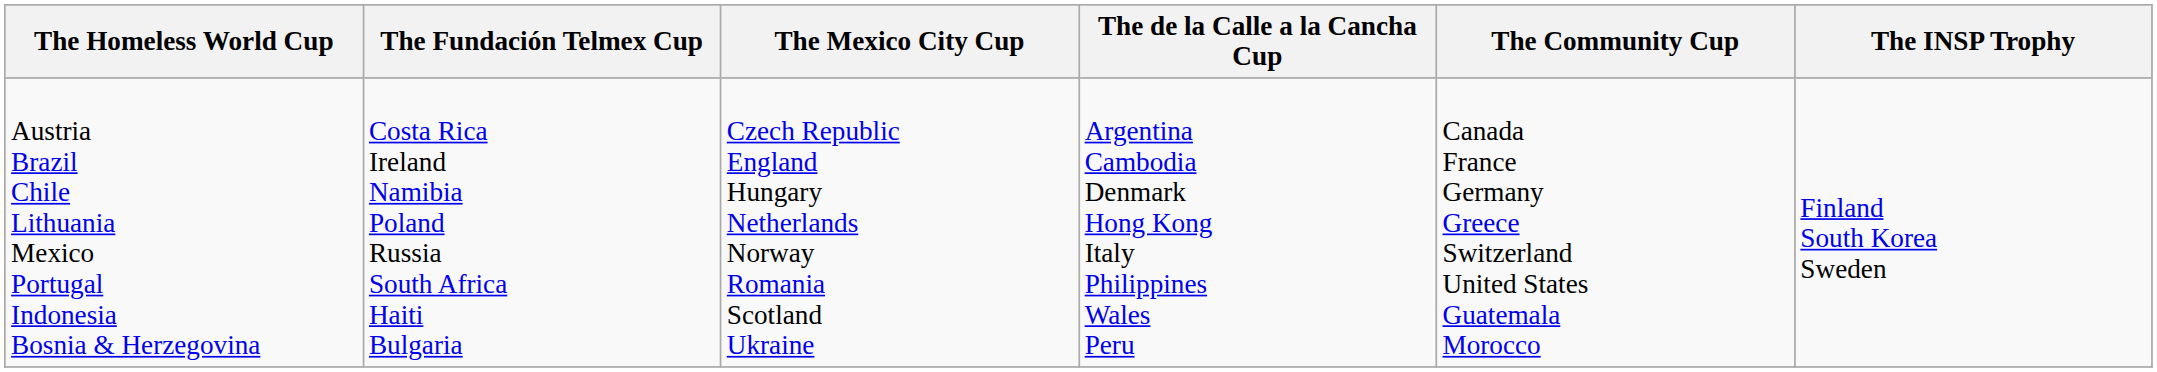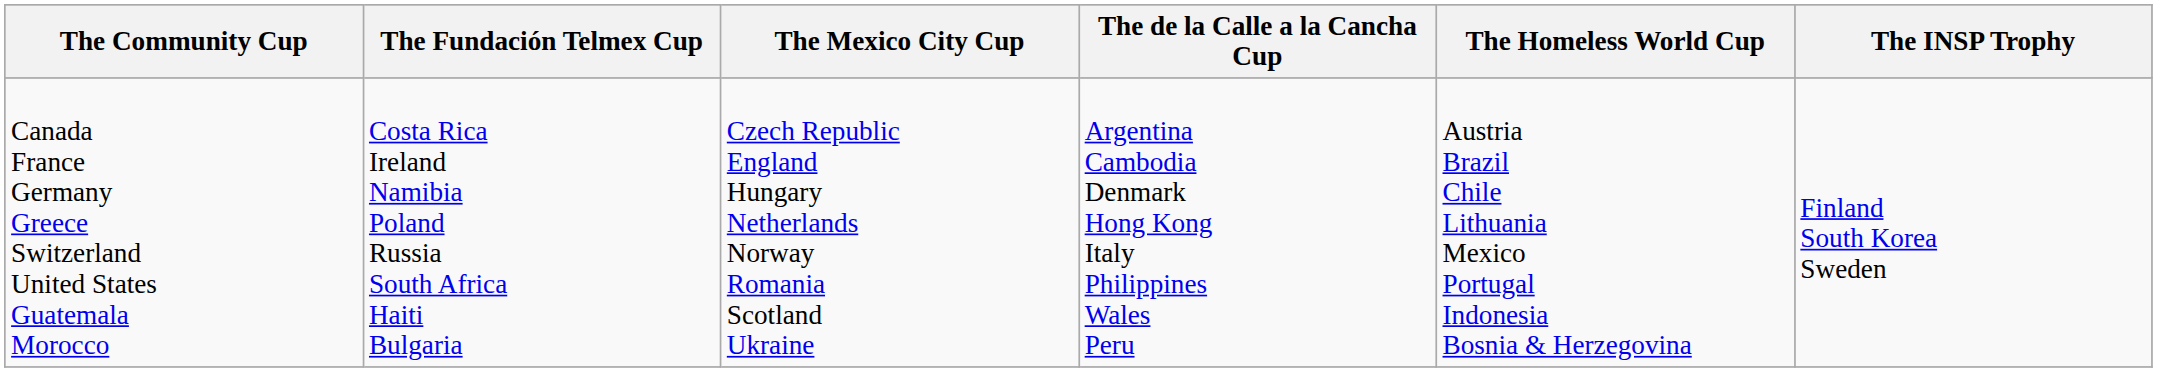 <table class="wikitable" style="width:100%;">
 <tr>
-<th width=15%><strong>The Homeless World Cup</strong></th>
+<th width=15%><strong>The Community Cup</strong></th>
 <th width=15%><strong>The Fundación Telmex Cup</strong></th>
 <th width=15%><strong>The Mexico City Cup</strong></th>
 <th width=15%><strong>The de la Calle a la Cancha Cup</strong></th>
-<th width=15%><strong>The Community Cup</strong></th>
+<th width=15%><strong>The Homeless World Cup</strong></th>
 <th width=15%><strong>The INSP Trophy</strong></th>
 </tr>
 <tr>
-<td><br> Austria<br>  <a href='#'>Brazil</a><br>  <a href='#'>Chile</a><br>  <a href='#'>Lithuania</a><br>  Mexico<br>  <a href='#'>Portugal</a><br>  <a href='#'>Indonesia</a><br>  <a href='#'>Bosnia & Herzegovina</a></td>
+<td><br> Canada<br>  France<br>  Germany<br>  <a href='#'>Greece</a><br>  Switzerland<br>  United States<br>  <a href='#'>Guatemala</a><br>  <a href='#'>Morocco</a></td>
 <td><br> <a href='#'>Costa Rica</a><br>  Ireland<br>  <a href='#'>Namibia</a><br>  <a href='#'>Poland</a><br>  Russia<br>  <a href='#'>South Africa</a><br>  <a href='#'>Haiti</a><br>  <a href='#'>Bulgaria</a></td>
 <td><br> <a href='#'>Czech Republic</a><br>  <a href='#'>England</a><br>  Hungary<br>  <a href='#'>Netherlands</a><br>  Norway<br>  <a href='#'>Romania</a><br>  Scotland<br>  <a href='#'>Ukraine</a></td>
 <td><br> <a href='#'>Argentina</a><br>  <a href='#'>Cambodia</a><br>  Denmark<br>  <a href='#'>Hong Kong</a><br>  Italy<br>  <a href='#'>Philippines</a><br>  <a href='#'>Wales</a><br>  <a href='#'>Peru</a></td>
-<td><br> Canada<br>  France<br>  Germany<br>  <a href='#'>Greece</a><br>  Switzerland<br>  United States<br>  <a href='#'>Guatemala</a><br>  <a href='#'>Morocco</a></td>
+<td><br> Austria<br>  <a href='#'>Brazil</a><br>  <a href='#'>Chile</a><br>  <a href='#'>Lithuania</a><br>  Mexico<br>  <a href='#'>Portugal</a><br>  <a href='#'>Indonesia</a><br>  <a href='#'>Bosnia & Herzegovina</a></td>
 <td><br> <a href='#'>Finland</a><br>  <a href='#'>South Korea</a><br>  Sweden</td>
 </tr>
 </table>
